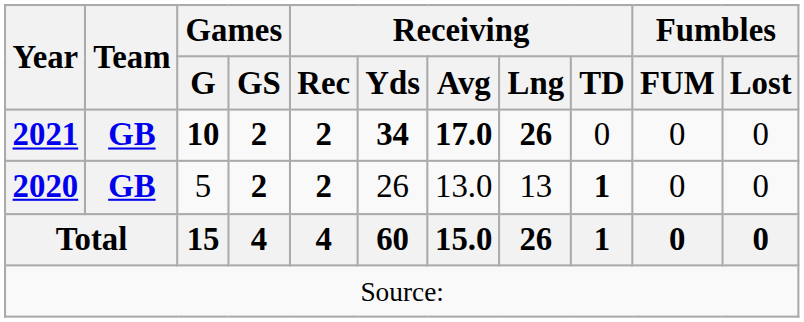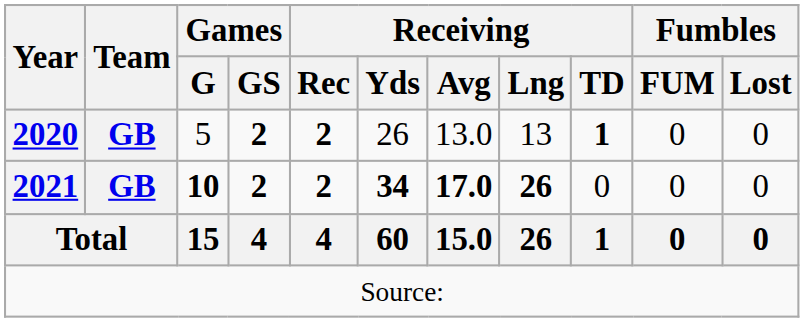 <table class="wikitable" style="text-align:center">
 <tr>
 <th rowspan="2">Year</th>
 <th rowspan="2">Team</th>
 <th colspan="2">Games</th>
 <th colspan="5">Receiving</th>
 <th colspan="2">Fumbles</th>
 </tr>
 <tr>
 <th>G</th>
 <th>GS</th>
 <th>Rec</th>
 <th>Yds</th>
 <th>Avg</th>
 <th>Lng</th>
 <th>TD</th>
 <th>FUM</th>
 <th>Lost</th>
 </tr>
 <tr>
+<th><a href='#'>2020</a></th>
+<th><a href='#'>GB</a></th>
+<td>5</td>
+<td><strong>2</strong></td>
+<td><strong>2</strong></td>
+<td>26</td>
+<td>13.0</td>
+<td>13</td>
+<td><strong>1</strong></td>
+<td>0</td>
+<td>0</td>
+</tr>
+<tr>
 <th><a href='#'>2021</a></th>
 <th><a href='#'>GB</a></th>
 <td><strong>10</strong></td>
 <td><strong>2</strong></td>
 <td><strong>2</strong></td>
 <td><strong>34</strong></td>
 <td><strong>17.0</strong></td>
 <td><strong>26</strong></td>
 <td>0</td>
-<td>0</td>
-<td>0</td>
-</tr>
-<tr>
-<th><a href='#'>2020</a></th>
-<th><a href='#'>GB</a></th>
-<td>5</td>
-<td><strong>2</strong></td>
-<td><strong>2</strong></td>
-<td>26</td>
-<td>13.0</td>
-<td>13</td>
-<td><strong>1</strong></td>
 <td>0</td>
 <td>0</td>
 </tr>
 <tr>
 <th colspan="2">Total</th>
 <th>15</th>
 <th>4</th>
 <th>4</th>
 <th>60</th>
 <th>15.0</th>
 <th>26</th>
 <th>1</th>
 <th>0</th>
 <th>0</th>
 </tr>
 <tr>
 <td colspan="11"><small>Source: </small></td>
 </tr>
 </table>
